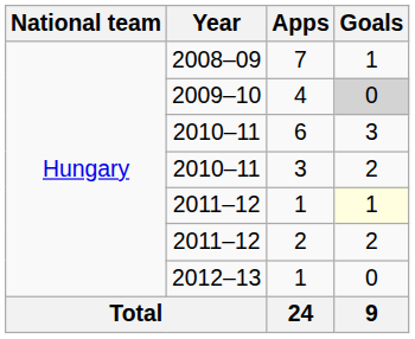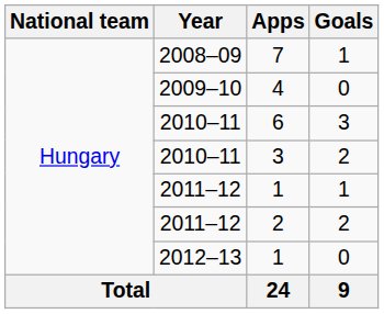 <table class="wikitable" style="text-align:center">
 <tr>
 <th>National team</th>
 <th>Year</th>
 <th>Apps</th>
 <th>Goals</th>
 </tr>
 <tr>
 <td rowspan="7"><a href='#'>Hungary</a></td>
 <td>2008–09</td>
 <td>7</td>
 <td>1</td>
 </tr>
 <tr>
 <td>2009–10</td>
 <td>4</td>
-<td style="background: lightgrey;">0</td>
+<td>0</td>
 </tr>
 <tr>
 <td>2010–11</td>
 <td>6</td>
 <td>3</td>
 </tr>
 <tr>
 <td>2010–11</td>
 <td>3</td>
 <td>2</td>
 </tr>
 <tr>
 <td>2011–12</td>
 <td>1</td>
-<td style="background: lightyellow;">1</td>
+<td>1</td>
 </tr>
 <tr>
 <td>2011–12</td>
 <td>2</td>
 <td>2</td>
 </tr>
 <tr>
 <td>2012–13</td>
 <td>1</td>
 <td>0</td>
 </tr>
 <tr>
 <th colspan="2">Total</th>
 <th>24</th>
 <th>9</th>
 </tr>
 </table>
